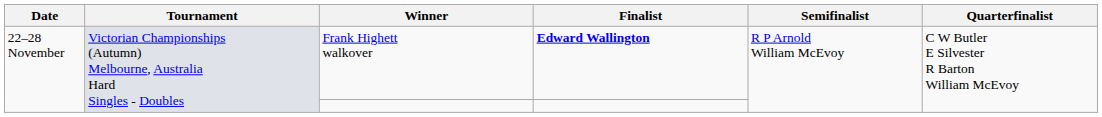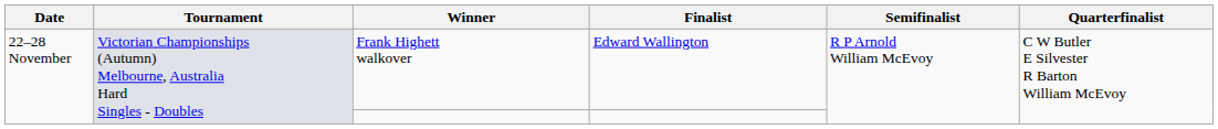 <table class="wikitable" style="font-size:85%;">
 <tr>
 <th width="75">Date</th>
 <th width="230">Tournament</th>
 <th width="210">Winner</th>
 <th width="210">Finalist</th>
 <th width="170">Semifinalist</th>
 <th width="170">Quarterfinalist</th>
 </tr>
 <tr valign=top>
 <td rowspan=2>22–28 November</td>
 <td style="background:#dfe2e9" rowspan=2><a href='#'>Victorian Championships</a><br>(Autumn)<br> <a href='#'>Melbourne</a>, <a href='#'>Australia</a><br>Hard<br><a href='#'>Singles</a> - <a href='#'>Doubles</a></td>
 <td> <a href='#'>Frank Highett</a><br>walkover</td>
-<td><strong> <a href='#'>Edward Wallington</a></strong></td>
+<td> <a href='#'>Edward Wallington</a></td>
 <td rowspan=2> <a href='#'>R P Arnold</a> <br>  William McEvoy</td>
 <td rowspan=2> C W Butler <br>  E Silvester <br>  R Barton <br>  William McEvoy</td>
 </tr>
 <tr valign=top>
 <td></td>
 <td></td>
 </tr>
 </table>
